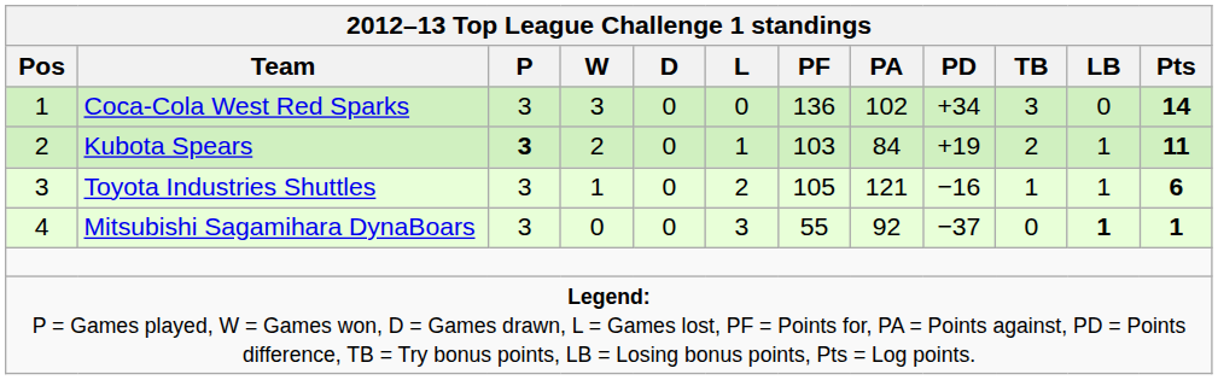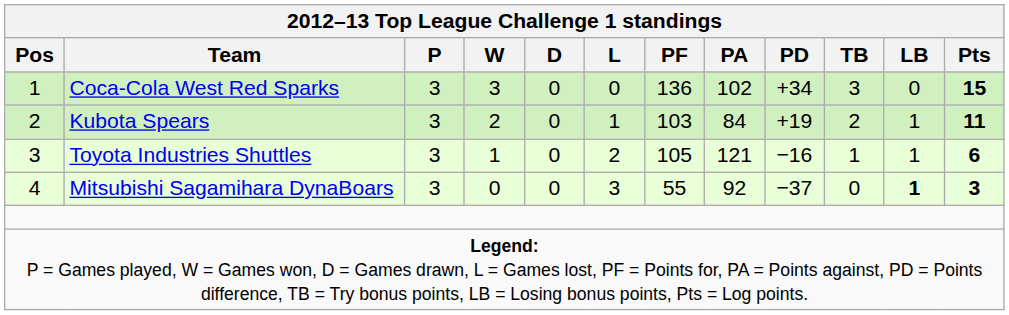 <table class="wikitable" style="text-align:center; font-size:100%; width:60%;">
 <tr>
 <th colspan="100%" cellpadding="0" cellspacing="0"><strong>2012–13 Top League Challenge 1 standings</strong></th>
 </tr>
 <tr>
 <th style="width:6%;">Pos</th>
 <th style="width:34%;">Team</th>
 <th style="width:6%;">P</th>
 <th style="width:6%;">W</th>
 <th style="width:6%;">D</th>
 <th style="width:6%;">L</th>
 <th style="width:6%;">PF</th>
 <th style="width:6%;">PA</th>
 <th style="width:6%;">PD</th>
 <th style="width:6%;">TB</th>
 <th style="width:6%;">LB</th>
 <th style="width:6%;">Pts<br></th>
 </tr>
 <tr style="background:#D0F0C0;">
 <td>1</td>
 <td style="text-align:left;"><a href='#'>Coca-Cola West Red Sparks</a></td>
 <td>3</td>
 <td>3</td>
 <td>0</td>
 <td>0</td>
 <td>136</td>
 <td>102</td>
 <td>+34</td>
 <td>3</td>
 <td>0</td>
-<td><strong>14</strong></td>
+<td><strong>15</strong></td>
 </tr>
 <tr style="background:#D0F0C0;">
 <td>2</td>
 <td style="text-align:left;"><a href='#'>Kubota Spears</a></td>
-<td><strong>3</strong></td>
+<td>3</td>
 <td>2</td>
 <td>0</td>
 <td>1</td>
 <td>103</td>
 <td>84</td>
 <td>+19</td>
 <td>2</td>
 <td>1</td>
 <td><strong>11</strong></td>
 </tr>
 <tr style="background:#E8FFD8;">
 <td>3</td>
 <td style="text-align:left;"><a href='#'>Toyota Industries Shuttles</a></td>
 <td>3</td>
 <td>1</td>
 <td>0</td>
 <td>2</td>
 <td>105</td>
 <td>121</td>
 <td>−16</td>
 <td>1</td>
 <td>1</td>
 <td><strong>6</strong></td>
 </tr>
 <tr style="background:#E8FFD8;">
 <td>4</td>
 <td style="text-align:left;"><a href='#'>Mitsubishi Sagamihara DynaBoars</a></td>
 <td>3</td>
 <td>0</td>
 <td>0</td>
 <td>3</td>
 <td>55</td>
 <td>92</td>
 <td>−37</td>
 <td>0</td>
 <td><strong>1</strong></td>
-<td><strong>1</strong></td>
+<td><strong>3</strong></td>
 </tr>
 <tr>
 <td colspan="100%" style="height:10px;"></td>
 </tr>
 <tr>
 <td colspan="100%"><small><strong>Legend:</strong> <br> P = Games played, W = Games won, D = Games drawn, L = Games lost, PF = Points for, PA = Points against, PD = Points difference, TB = Try bonus points, LB = Losing bonus points, Pts = Log points.</small></td>
 </tr>
 </table>
